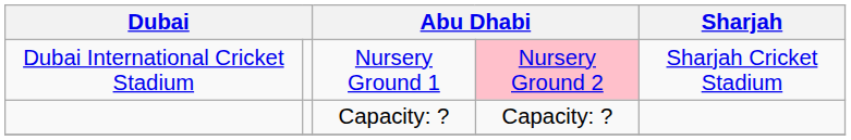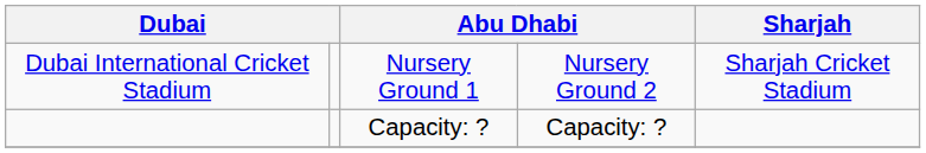 <table class="wikitable" style="text-align:center">
 <tr>
 <th colspan=2><a href='#'>Dubai</a></th>
 <th colspan=2><a href='#'>Abu Dhabi</a></th>
 <th><a href='#'>Sharjah</a></th>
 </tr>
 <tr>
 <td><a href='#'>Dubai International Cricket Stadium</a></td>
 <td></td>
 <td><a href='#'> Nursery Ground 1</a></td>
-<td style="background: pink;"><a href='#'> Nursery Ground 2</a></td>
+<td><a href='#'> Nursery Ground 2</a></td>
 <td><a href='#'>Sharjah Cricket Stadium</a></td>
 </tr>
 <tr>
 <td></td>
 <td></td>
 <td>Capacity: ?</td>
 <td>Capacity: ?</td>
 <td></td>
 </tr>
 <tr>
 </tr>
 </table>
